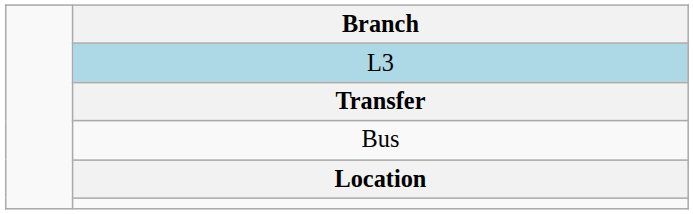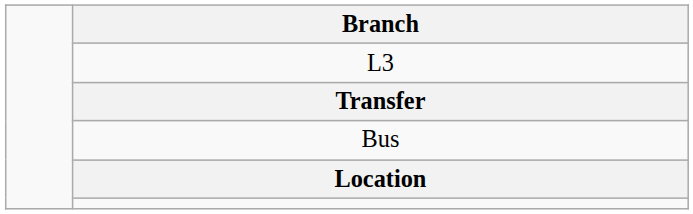 <table class=wikitable style="text-align: center; width: 450px; float:right">
 <tr>
 <td rowspan="6"></td>
 <th>Branch</th>
 </tr>
 <tr>
-<td style="background: lightblue;">L3</td>
+<td>L3</td>
 </tr>
 <tr>
 <th>Transfer</th>
 </tr>
 <tr>
 <td>Bus</td>
 </tr>
 <tr>
 <th>Location</th>
 </tr>
 <tr>
 <td></td>
 </tr>
 </table>
